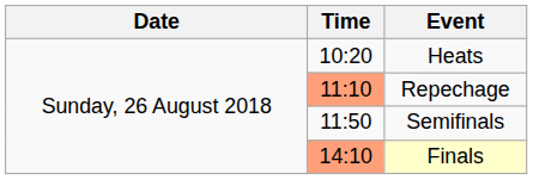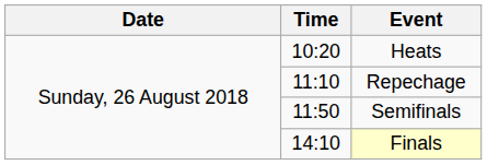 <table class = "wikitable" style="text-align:center;">
 <tr>
 <th width=220>Date</th>
 <th width=50>Time</th>
 <th width=100>Event</th>
 </tr>
 <tr>
 <td rowspan="4">Sunday, 26 August 2018</td>
 <td>10:20</td>
 <td>Heats</td>
 </tr>
 <tr>
-<td style="background: lightsalmon;">11:10</td>
+<td>11:10</td>
 <td>Repechage</td>
 </tr>
 <tr>
 <td>11:50</td>
 <td>Semifinals</td>
 </tr>
 <tr>
-<td style="background: lightsalmon;">14:10</td>
+<td>14:10</td>
 <td bgcolor=ffffcc>Finals</td>
 </tr>
 </table>
